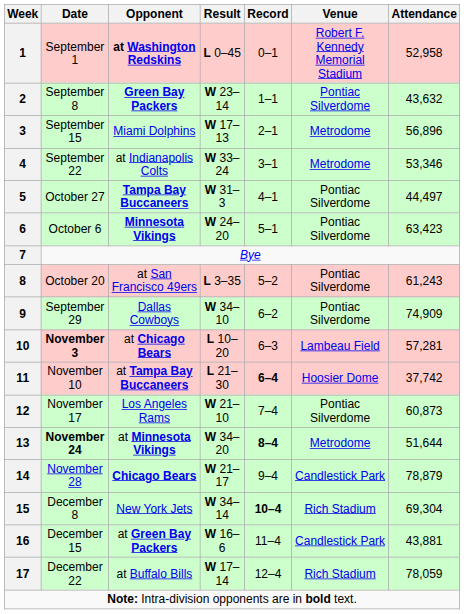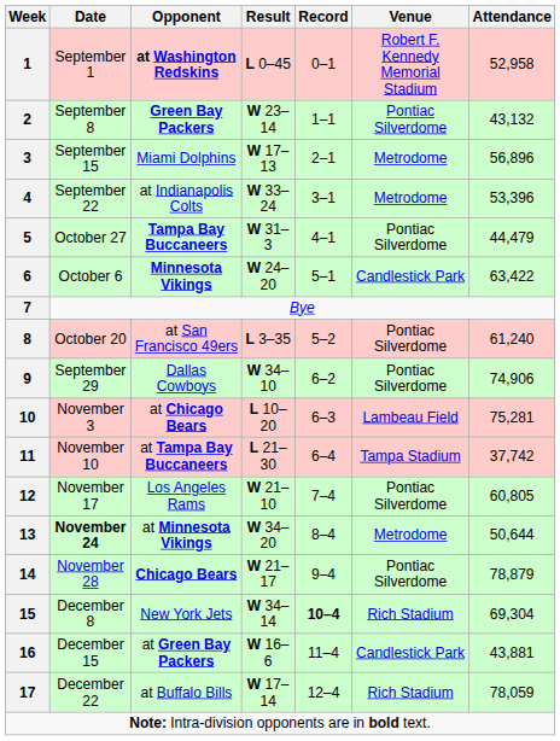 <table class="wikitable" style="text-align:center">
 <tr>
 <th>Week</th>
 <th>Date</th>
 <th>Opponent</th>
 <th>Result</th>
 <th>Record</th>
 <th>Venue</th>
 <th>Attendance</th>
 </tr>
 <tr style="background:#fcc">
 <th>1</th>
 <td>September 1</td>
 <td><strong>at <a href='#'>Washington Redskins</a></strong></td>
 <td><strong>L</strong> 0–45</td>
 <td>0–1</td>
 <td><a href='#'>Robert F. Kennedy Memorial Stadium</a></td>
 <td>52,958</td>
 </tr>
 <tr style="background:#cfc">
 <th>2</th>
 <td>September 8</td>
 <td><strong><a href='#'>Green Bay Packers</a></strong></td>
 <td><strong>W</strong> 23–14</td>
 <td>1–1</td>
 <td><a href='#'>Pontiac Silverdome</a></td>
-<td>43,632</td>
+<td>43,132</td>
 </tr>
 <tr style="background:#cfc">
 <th>3</th>
 <td>September 15</td>
 <td><a href='#'>Miami Dolphins</a></td>
 <td><strong>W</strong> 17–13</td>
 <td>2–1</td>
 <td><a href='#'>Metrodome</a></td>
 <td>56,896</td>
 </tr>
 <tr style="background:#cfc">
 <th>4</th>
 <td>September 22</td>
 <td>at <a href='#'>Indianapolis Colts</a></td>
 <td><strong>W</strong> 33–24</td>
 <td>3–1</td>
 <td><a href='#'>Metrodome</a></td>
-<td>53,346</td>
+<td>53,396</td>
 </tr>
 <tr style="background:#cfc">
 <th>5</th>
 <td>October 27</td>
 <td><strong><a href='#'>Tampa Bay Buccaneers</a></strong></td>
 <td><strong>W</strong> 31–3</td>
 <td>4–1</td>
 <td>Pontiac Silverdome</td>
-<td>44,497</td>
+<td>44,479</td>
 </tr>
 <tr style="background:#cfc">
 <th>6</th>
 <td>October 6</td>
 <td><strong><a href='#'>Minnesota Vikings</a></strong></td>
 <td><strong>W</strong> 24–20</td>
 <td>5–1</td>
-<td>Pontiac Silverdome</td>
-<td>63,423</td>
+<td><a href='#'>Candlestick Park</a></td>
+<td>63,422</td>
 </tr>
 <tr>
 <th>7</th>
 <td colspan="6"><em><a href='#'>Bye</a></em></td>
 </tr>
 <tr style="background:#fcc">
 <th>8</th>
 <td>October 20</td>
 <td>at <a href='#'>San Francisco 49ers</a></td>
 <td><strong>L</strong> 3–35</td>
 <td>5–2</td>
 <td>Pontiac Silverdome</td>
-<td>61,243</td>
+<td>61,240</td>
 </tr>
 <tr style="background:#cfc">
 <th>9</th>
 <td>September 29</td>
 <td><a href='#'>Dallas Cowboys</a></td>
 <td><strong>W</strong> 34–10</td>
 <td>6–2</td>
 <td>Pontiac Silverdome</td>
-<td>74,909</td>
+<td>74,906</td>
 </tr>
 <tr style="background:#fcc">
 <th>10</th>
-<td><strong>November 3</strong></td>
+<td>November 3</td>
 <td>at <strong><a href='#'>Chicago Bears</a></strong></td>
 <td><strong>L</strong> 10–20</td>
 <td>6–3</td>
 <td><a href='#'>Lambeau Field</a></td>
-<td>57,281</td>
+<td>75,281</td>
 </tr>
 <tr style="background:#fcc">
 <th>11</th>
 <td>November 10</td>
 <td>at <strong><a href='#'>Tampa Bay Buccaneers</a></strong></td>
 <td><strong>L</strong> 21–30</td>
-<td><strong>6–4</strong></td>
-<td><a href='#'>Hoosier Dome</a></td>
+<td>6–4</td>
+<td><a href='#'>Tampa Stadium</a></td>
 <td>37,742</td>
 </tr>
 <tr style="background:#cfc">
 <th>12</th>
 <td>November 17</td>
 <td><a href='#'>Los Angeles Rams</a></td>
 <td><strong>W</strong> 21–10</td>
 <td>7–4</td>
 <td>Pontiac Silverdome</td>
-<td>60,873</td>
+<td>60,805</td>
 </tr>
 <tr style="background:#cfc">
 <th>13</th>
 <td><strong>November 24</strong></td>
 <td>at <strong><a href='#'>Minnesota Vikings</a></strong></td>
 <td><strong>W</strong> 34–20</td>
-<td><strong>8–4</strong></td>
+<td>8–4</td>
 <td><a href='#'>Metrodome</a></td>
-<td>51,644</td>
+<td>50,644</td>
 </tr>
 <tr style="background:#cfc">
 <th>14</th>
 <td><a href='#'>November 28</a></td>
 <td><strong><a href='#'>Chicago Bears</a></strong></td>
 <td><strong>W</strong> 21–17</td>
 <td>9–4</td>
-<td><a href='#'>Candlestick Park</a></td>
+<td>Pontiac Silverdome</td>
 <td>78,879</td>
 </tr>
 <tr style="background:#cfc">
 <th>15</th>
 <td>December 8</td>
 <td><a href='#'>New York Jets</a></td>
 <td><strong>W</strong> 34–14</td>
 <td><strong>10–4</strong></td>
 <td><a href='#'>Rich Stadium</a></td>
 <td>69,304</td>
 </tr>
 <tr style="background:#cfc">
 <th>16</th>
 <td>December 15</td>
 <td>at <strong><a href='#'>Green Bay Packers</a></strong></td>
 <td><strong>W</strong> 16–6</td>
 <td>11–4</td>
 <td><a href='#'>Candlestick Park</a></td>
 <td>43,881</td>
 </tr>
 <tr style="background:#cfc">
 <th>17</th>
 <td>December 22</td>
 <td>at <a href='#'>Buffalo Bills</a></td>
 <td><strong>W</strong> 17–14 </td>
 <td>12–4</td>
 <td><a href='#'>Rich Stadium</a></td>
 <td>78,059</td>
 </tr>
 <tr>
 <td colspan="8"><strong>Note:</strong> Intra-division opponents are in <strong>bold</strong> text.</td>
 </tr>
 </table>
